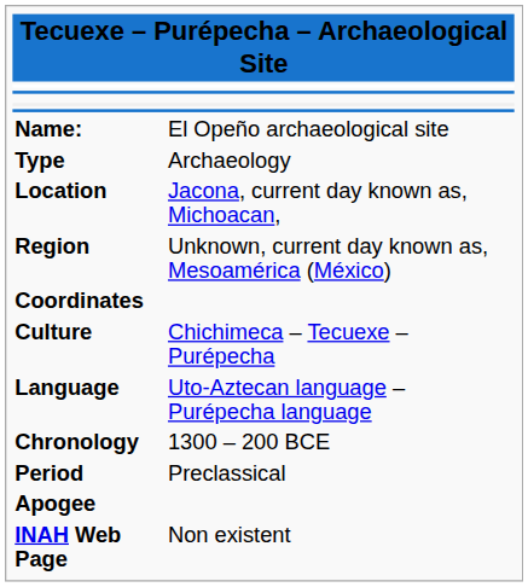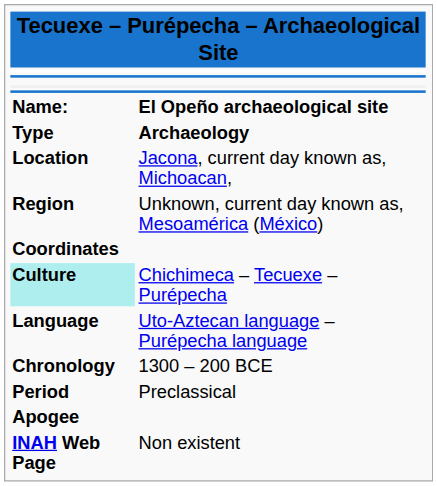 <table class="infobox" style="font-size:90%; text-align:left; width:23.5em">
 <tr>
 <td colspan="3" bgcolor=#1874CD style="text-align: center; font-size: larger;"><span><strong>Tecuexe – Purépecha – Archaeological Site</strong></span></td>
 </tr>
 <tr style="vertical-align: top; text-align: center;">
 <td colspan=3 bgcolor="#FFFFFF" align="center"></td>
 </tr>
 <tr>
 <td colspan="2" bgcolor=#1874CD></td>
 </tr>
 <tr>
 <td colspan=2></td>
 </tr>
 <tr>
 <td style="background:#efefef;"align="center" colspan="2"></td>
 </tr>
 <tr>
 <td colspan="2" bgcolor=#1874CD></td>
 </tr>
 <tr>
 <td><strong>Name:</strong></td>
-<td><span> El Opeño archaeological site</span></td>
+<td><strong><span> El Opeño archaeological site</span></strong></td>
 </tr>
 <tr>
 <td><strong>Type</strong></td>
-<td>Archaeology</td>
+<td><strong>Archaeology</strong></td>
 </tr>
 <tr>
 <td><strong>Location</strong></td>
 <td><a href='#'>Jacona</a>, current day known as, <a href='#'>Michoacan</a>,<br></td>
 </tr>
 <tr>
 <td><strong>Region</strong></td>
 <td>Unknown, current day known as, <a href='#'>Mesoamérica</a> (<a href='#'>México</a>)</td>
 </tr>
 <tr>
 <td><strong>Coordinates</strong></td>
 <td></td>
 </tr>
 <tr>
-<td><strong>Culture</strong></td>
+<td style="background: paleturquoise;"><strong>Culture</strong></td>
 <td><a href='#'>Chichimeca</a> – <a href='#'>Tecuexe</a> – <a href='#'>Purépecha</a></td>
 </tr>
 <tr>
 <td><strong>Language</strong></td>
 <td><a href='#'>Uto-Aztecan language</a> – <a href='#'>Purépecha language</a></td>
 </tr>
 <tr>
 <td><strong>Chronology</strong></td>
 <td>1300 – 200 BCE</td>
 </tr>
 <tr>
 <td><strong>Period</strong></td>
 <td>Preclassical</td>
 </tr>
 <tr>
 <td><strong>Apogee</strong></td>
 <td></td>
 </tr>
 <tr>
 <td><strong><a href='#'>INAH</a> Web Page</strong></td>
 <td>Non existent</td>
 </tr>
 </table>
